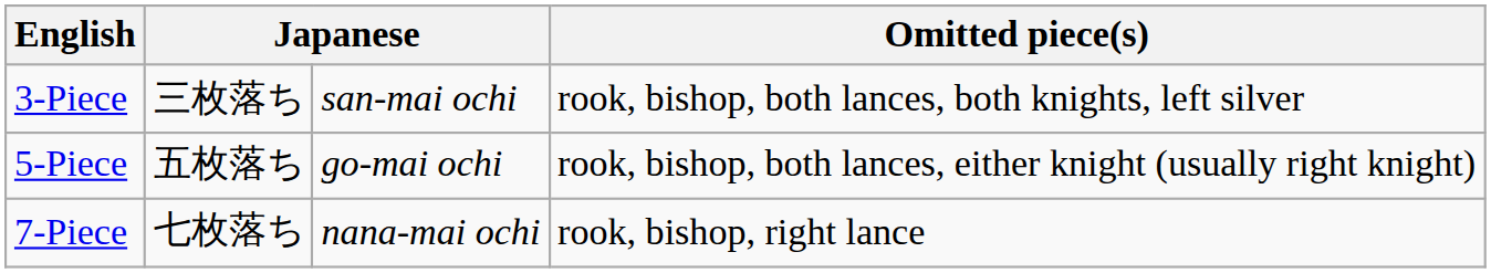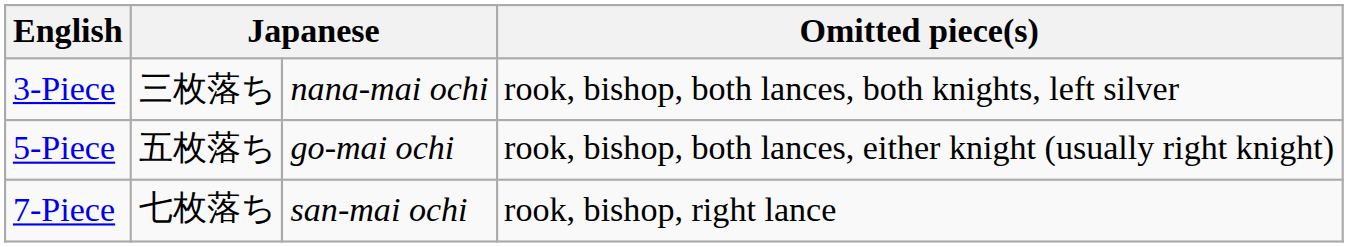 <table class='wikitable'>
 <tr>
 <th>English</th>
 <th colspan=2>Japanese</th>
 <th>Omitted piece(s)</th>
 </tr>
 <tr>
 <td><a href='#'>3-Piece</a></td>
 <td>三枚落ち</td>
-<td><em>san-mai ochi</em></td>
+<td><em>nana-mai ochi</em></td>
 <td>rook, bishop, both lances, both knights, left silver</td>
 </tr>
 <tr>
 <td><a href='#'>5-Piece</a></td>
 <td>五枚落ち</td>
 <td><em>go-mai ochi</em></td>
 <td>rook, bishop, both lances, either knight (usually right knight)</td>
 </tr>
 <tr>
 <td><a href='#'>7-Piece</a></td>
 <td>七枚落ち</td>
-<td><em>nana-mai ochi</em></td>
+<td><em>san-mai ochi</em></td>
 <td>rook, bishop, right lance</td>
 </tr>
 </table>
